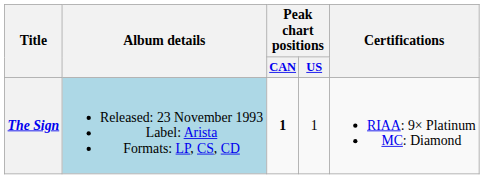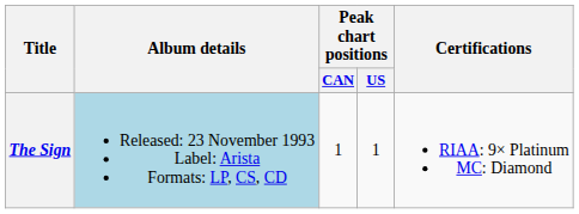 <table class="wikitable plainrowheaders" style="text-align:center;">
 <tr>
 <th rowspan="2">Title</th>
 <th rowspan="2">Album details</th>
 <th colspan="2">Peak chart positions</th>
 <th rowspan="2">Certifications</th>
 </tr>
 <tr>
 <th style="width:2em;font-size:90%;"><a href='#'>CAN</a><br></th>
 <th style="width:2em;font-size:90%;"><a href='#'>US</a><br></th>
 </tr>
 <tr>
 <th scope="row"><em><a href='#'>The Sign</a></em></th>
 <td style="background: lightblue;"><br><ul><li>Released: 23 November 1993</li><li>Label: <a href='#'>Arista</a></li><li>Formats: <a href='#'>LP</a>, <a href='#'>CS</a>, <a href='#'>CD</a></li></ul></td>
-<td><strong>1</strong></td>
+<td>1</td>
 <td>1</td>
 <td><br><ul><li><a href='#'>RIAA</a>: 9× Platinum</li><li><a href='#'>MC</a>: Diamond</li></ul></td>
 </tr>
 </table>
